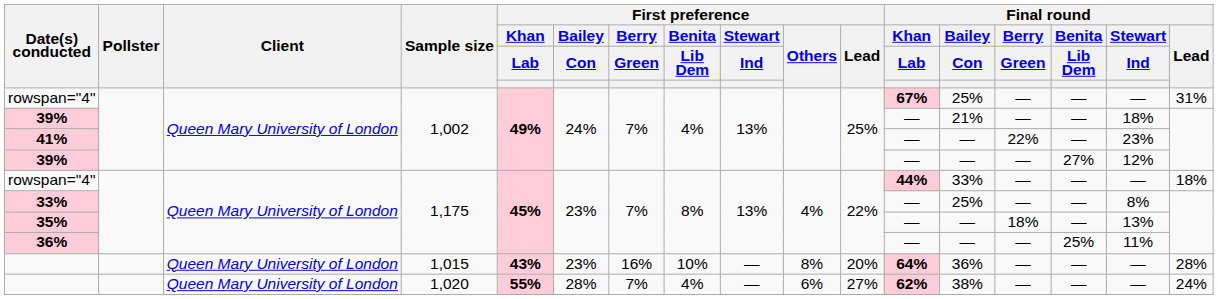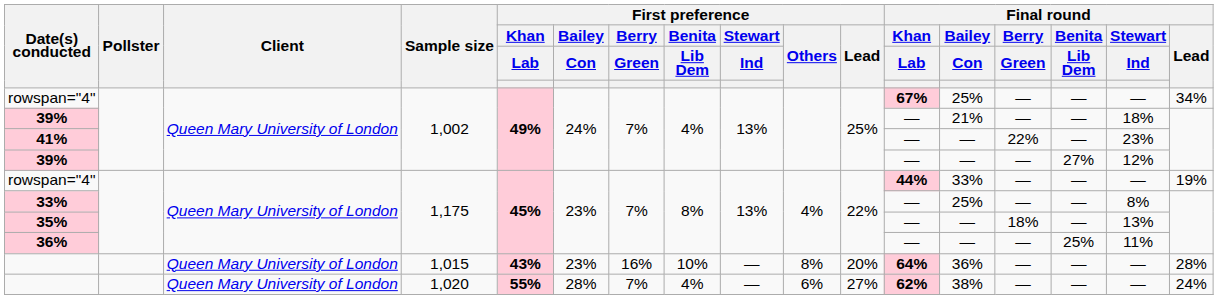 <table class="wikitable sortable mw-datatable" style="text-align:center;line-height:14px;">
 <tr>
 <th rowspan="4">Date(s)<br>conducted</th>
 <th rowspan="4">Pollster</th>
 <th rowspan="4">Client</th>
 <th rowspan="4">Sample size</th>
 <th colspan="7">First preference</th>
 <th colspan="6">Final round</th>
 </tr>
 <tr>
 <th style="width:50px;"><a href='#'>Khan</a></th>
 <th style="width:50px;"><a href='#'>Bailey</a></th>
 <th style="width:50px;"><a href='#'>Berry</a></th>
 <th style="width:50px;"><a href='#'>Benita</a></th>
 <th style="width:50px;"><a href='#'>Stewart</a></th>
 <th rowspan="3" style="width:50px;"><a href='#'>Others</a></th>
 <th rowspan="3">Lead</th>
 <th style="width:50px;"><a href='#'>Khan</a></th>
 <th style="width:50px;"><a href='#'>Bailey</a></th>
 <th style="width:50px;"><a href='#'>Berry</a></th>
 <th style="width:50px;"><a href='#'>Benita</a></th>
 <th style="width:50px;"><a href='#'>Stewart</a></th>
 <th rowspan="3">Lead</th>
 </tr>
 <tr>
 <th><a href='#'>Lab</a></th>
 <th><a href='#'>Con</a></th>
 <th><a href='#'>Green</a></th>
 <th><a href='#'>Lib Dem</a></th>
 <th><a href='#'>Ind</a></th>
 <th><a href='#'>Lab</a></th>
 <th><a href='#'>Con</a></th>
 <th><a href='#'>Green</a></th>
 <th><a href='#'>Lib Dem</a></th>
 <th><a href='#'>Ind</a></th>
 </tr>
 <tr>
 <th data-sort-type="number" style="background:"></th>
 <th data-sort-type="number" style="background:"></th>
 <th data-sort-type="number" style="background:"></th>
 <th data-sort-type="number" style="background:"></th>
 <th data-sort-type="number" style="background:"></th>
 <th data-sort-type="number" style="background:"></th>
 <th data-sort-type="number" style="background:"></th>
 <th data-sort-type="number" style="background:"></th>
 <th data-sort-type="number" style="background:"></th>
 <th data-sort-type="number" style="background:"></th>
 </tr>
 <tr>
 <td>rowspan="4" </td>
 <td rowspan="4"></td>
 <td rowspan="4"><em><a href='#'>Queen Mary University of London</a></em></td>
 <td rowspan="4">1,002</td>
 <td rowspan="4"style="background:#FFCCD9"><strong>49%</strong></td>
 <td rowspan="4">24%</td>
 <td rowspan="4">7%</td>
 <td rowspan="4">4%</td>
 <td rowspan="4">13%</td>
 <td rowspan="4"></td>
 <td rowspan="4" style="background:">25%</td>
 <td style="background:#FFCCD9;"><strong>67%</strong></td>
 <td>25%</td>
 <td>—</td>
 <td>—</td>
 <td>—</td>
-<td style="background:">31%</td>
+<td style="background:">34%</td>
 </tr>
 <tr>
 <td style="background:#FFCCD9;"><strong>39%</strong></td>
 <td>—</td>
 <td>21%</td>
 <td>—</td>
 <td>—</td>
 <td style="background:">18%</td>
 </tr>
 <tr>
 <td style="background:#FFCCD9;"><strong>41%</strong></td>
 <td>—</td>
 <td>—</td>
 <td>22%</td>
 <td>—</td>
 <td style="background:">23%</td>
 </tr>
 <tr>
 <td style="background:#FFCCD9;"><strong>39%</strong></td>
 <td>—</td>
 <td>—</td>
 <td>—</td>
 <td>27%</td>
 <td style="background:">12%</td>
 </tr>
 <tr>
 <td>rowspan="4" </td>
 <td rowspan="4"></td>
 <td rowspan="4"><em><a href='#'>Queen Mary University of London</a></em></td>
 <td rowspan="4">1,175</td>
 <td rowspan="4" style="background:#FFCCD9"><strong>45%</strong></td>
 <td rowspan="4">23%</td>
 <td rowspan="4">7%</td>
 <td rowspan="4">8%</td>
 <td rowspan="4">13%</td>
 <td rowspan="4">4%</td>
 <td rowspan="4" align="center" style="background:">22%</td>
 <td style="background:#FFCCD9"><strong>44%</strong></td>
 <td>33%</td>
 <td>—</td>
 <td>—</td>
 <td>—</td>
-<td style="background:">18%</td>
+<td style="background:">19%</td>
 </tr>
 <tr>
 <td style="background:#FFCCD9;"><strong>33%</strong></td>
 <td>—</td>
 <td>25%</td>
 <td>—</td>
 <td>—</td>
 <td style="background:">8%</td>
 </tr>
 <tr>
 <td style="background:#FFCCD9;"><strong>35%</strong></td>
 <td>—</td>
 <td>—</td>
 <td>18%</td>
 <td>—</td>
 <td style="background:">13%</td>
 </tr>
 <tr>
 <td style="background:#FFCCD9;"><strong>36%</strong></td>
 <td>—</td>
 <td>—</td>
 <td>—</td>
 <td>25%</td>
 <td style="background:">11%</td>
 </tr>
 <tr>
 <td></td>
 <td></td>
 <td><em><a href='#'>Queen Mary University of London</a></em></td>
 <td>1,015</td>
 <td style="background:#FFCCD9;"><strong>43%</strong></td>
 <td>23%</td>
 <td>16%</td>
 <td>10%</td>
 <td>—</td>
 <td>8%</td>
 <td style="background:">20%</td>
 <td style="background:#FFCCD9;"><strong>64%</strong></td>
 <td>36%</td>
 <td>—</td>
 <td>—</td>
 <td>—</td>
 <td style="background:">28%</td>
 </tr>
 <tr>
 <td></td>
 <td></td>
 <td><em><a href='#'>Queen Mary University of London</a></em></td>
 <td>1,020</td>
 <td style="background:#FFCCD9;"><strong>55%</strong></td>
 <td>28%</td>
 <td>7%</td>
 <td>4%</td>
 <td>—</td>
 <td>6%</td>
 <td style="background:">27%</td>
 <td style="background:#FFCCD9;"><strong>62%</strong></td>
 <td>38%</td>
 <td>—</td>
 <td>—</td>
 <td>—</td>
 <td style="background:">24%</td>
 </tr>
 </table>
